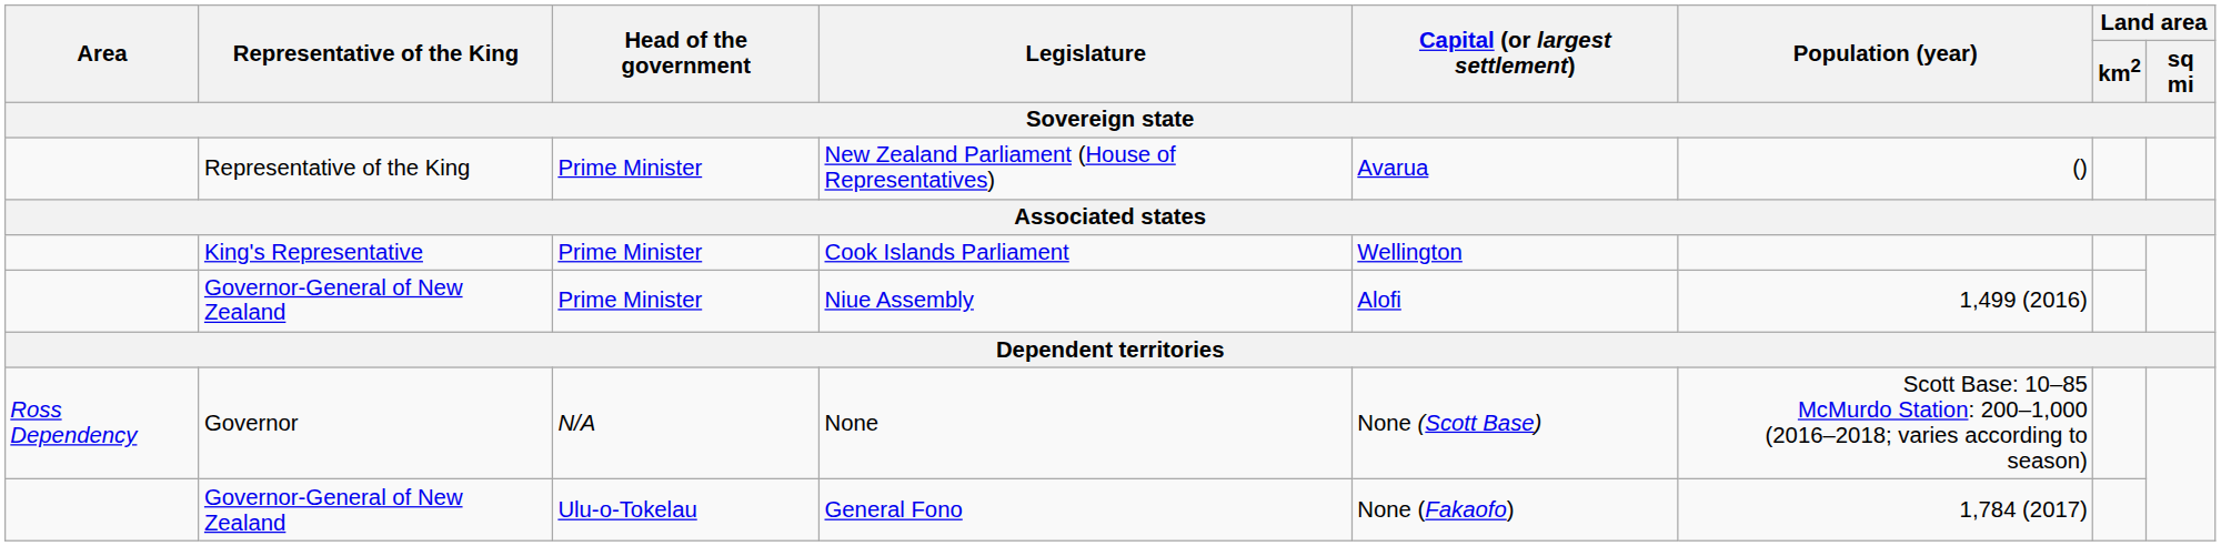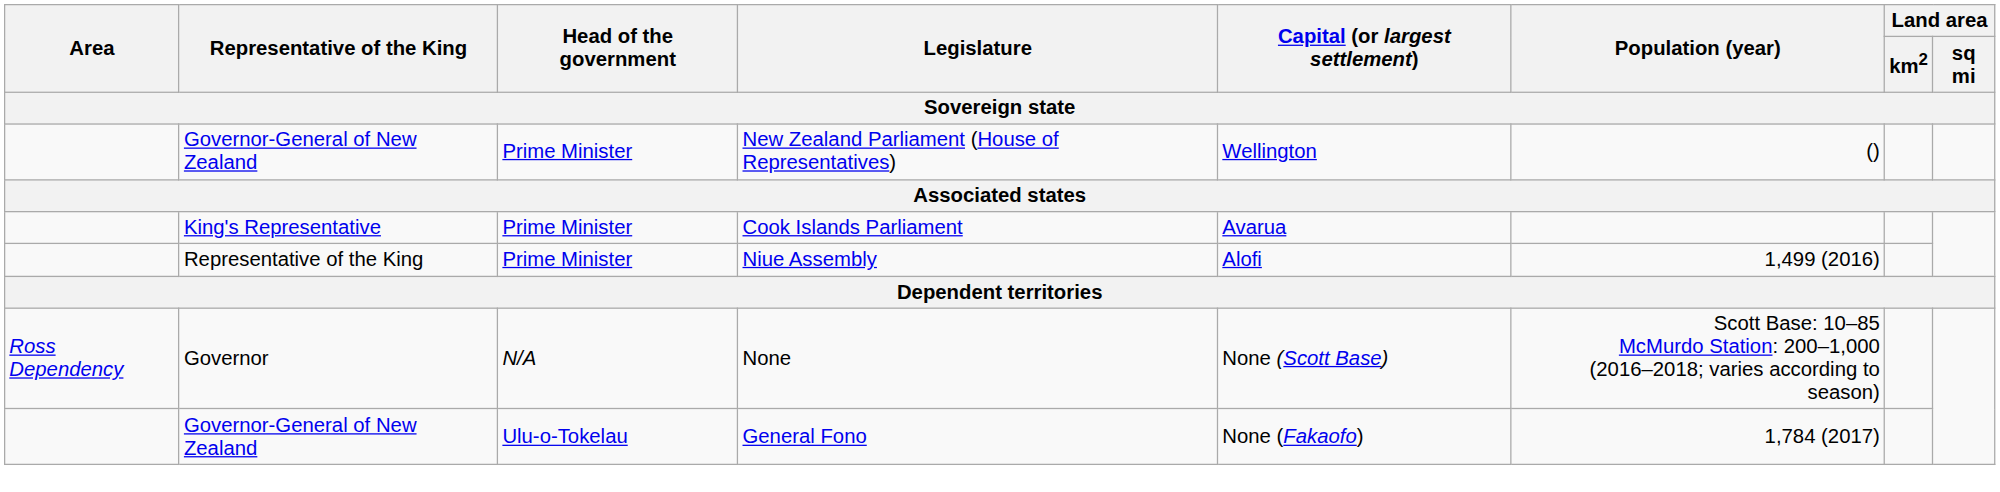 <table class="wikitable">
 <tr>
 <th rowspan=2>Area</th>
 <th rowspan=2>Representative of the King</th>
 <th rowspan=2>Head of the government</th>
 <th rowspan=2>Legislature</th>
 <th rowspan=2><a href='#'>Capital</a> (or <em>largest settlement</em>)</th>
 <th rowspan=2>Population (year)</th>
 <th colspan=2>Land area</th>
 </tr>
 <tr>
 <th>km<sup>2</sup></th>
 <th>sq mi</th>
 </tr>
 <tr>
 <th colspan="8">Sovereign state</th>
 </tr>
 <tr>
 <td style=white-space:nowrap></td>
-<td>Representative of the King</td>
+<td><a href='#'>Governor-General of New Zealand</a></td>
 <td><a href='#'>Prime Minister</a></td>
 <td><a href='#'>New Zealand Parliament</a> (<a href='#'>House of Representatives</a>)</td>
-<td><a href='#'>Avarua</a></td>
+<td><a href='#'>Wellington</a></td>
 <td align=right> ()</td>
 <td></td>
 </tr>
 <tr>
 <th colspan="8">Associated states</th>
 </tr>
 <tr>
 <td></td>
 <td><a href='#'>King's Representative</a></td>
 <td><a href='#'>Prime Minister</a></td>
 <td><a href='#'>Cook Islands Parliament</a></td>
-<td><a href='#'>Wellington</a></td>
+<td><a href='#'>Avarua</a></td>
 <td align=right></td>
 <td></td>
 </tr>
 <tr>
 <td></td>
-<td><a href='#'>Governor-General of New Zealand</a></td>
+<td>Representative of the King</td>
 <td><a href='#'>Prime Minister</a></td>
 <td><a href='#'>Niue Assembly</a></td>
 <td><a href='#'>Alofi</a></td>
 <td align= right>1,499 (2016)</td>
 <td></td>
 </tr>
 <tr>
 <th colspan="8">Dependent territories</th>
 </tr>
 <tr>
 <td><em><a href='#'>Ross Dependency</a></em></td>
 <td>Governor</td>
 <td><em>N/A</em></td>
 <td>None</td>
 <td>None <em>(<a href='#'>Scott Base</a>)</em></td>
 <td align= right>Scott Base: 10–85<br> <a href='#'>McMurdo Station</a>: 200–1,000 <br>(2016–2018; varies according to season)</td>
 <td></td>
 </tr>
 <tr>
 <td></td>
 <td><a href='#'>Governor-General of New Zealand</a></td>
 <td><a href='#'>Ulu-o-Tokelau</a></td>
 <td><a href='#'>General Fono</a></td>
 <td>None (<em><a href='#'>Fakaofo</a></em>)</td>
 <td align=right>1,784 (2017)</td>
 <td></td>
 </tr>
 </table>
